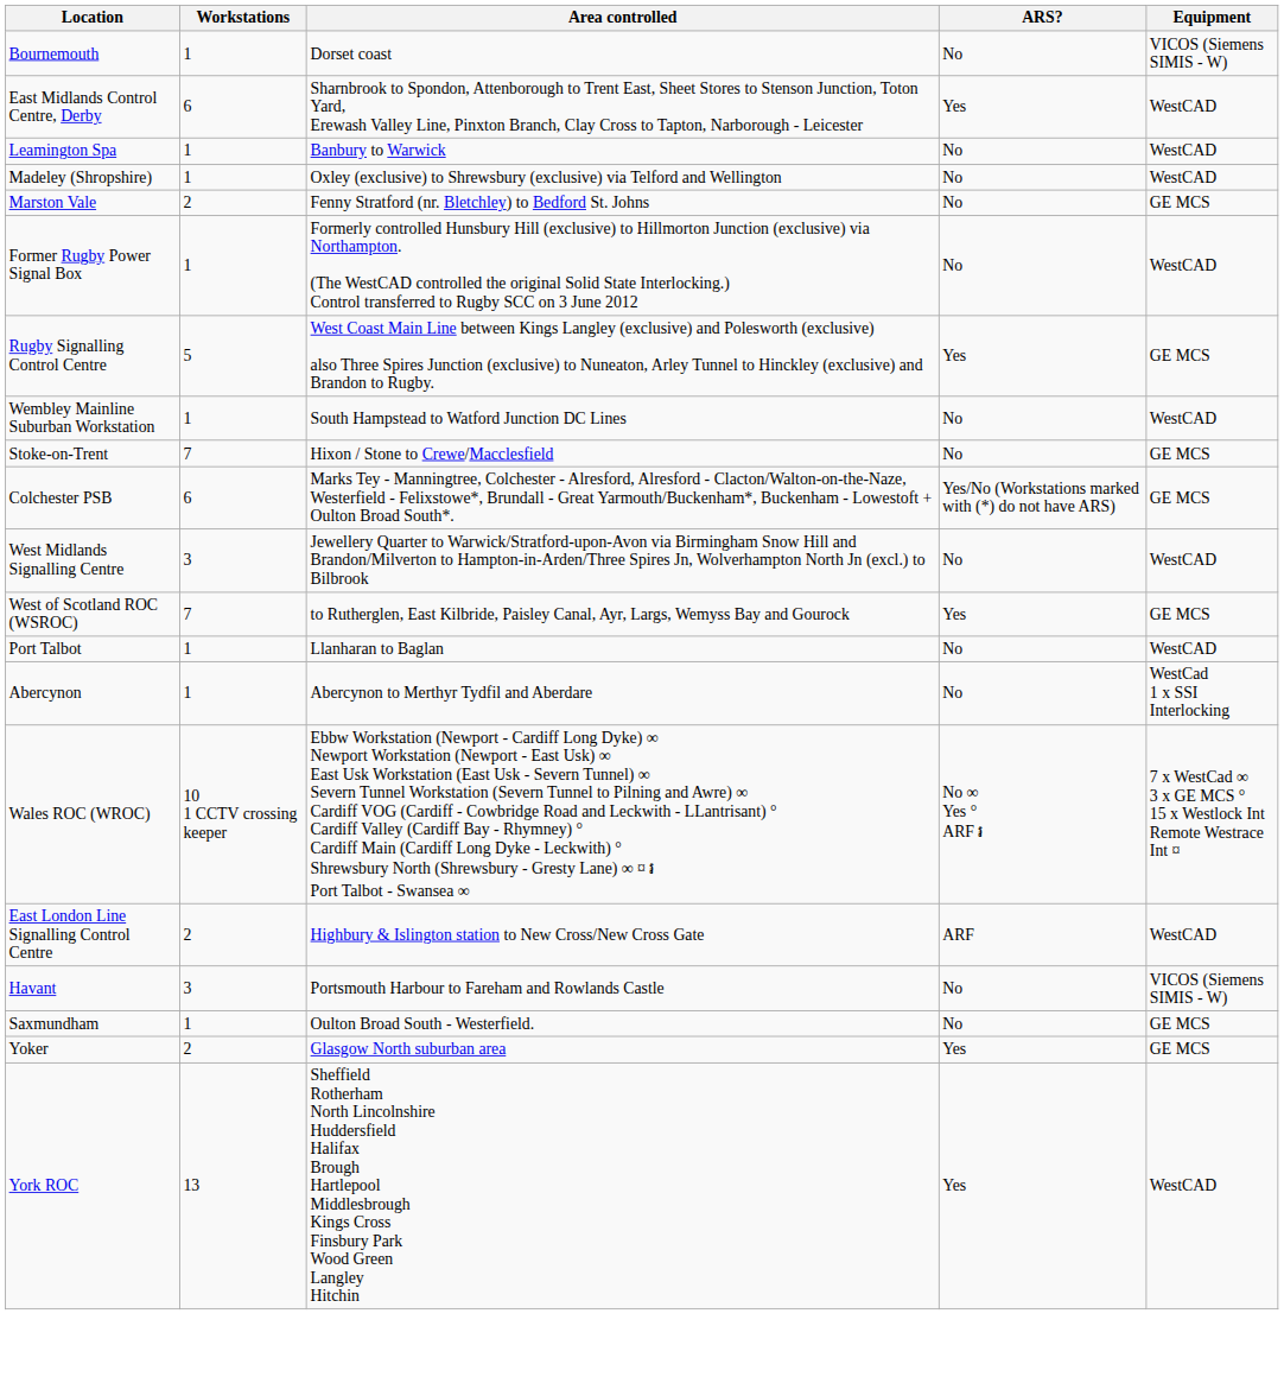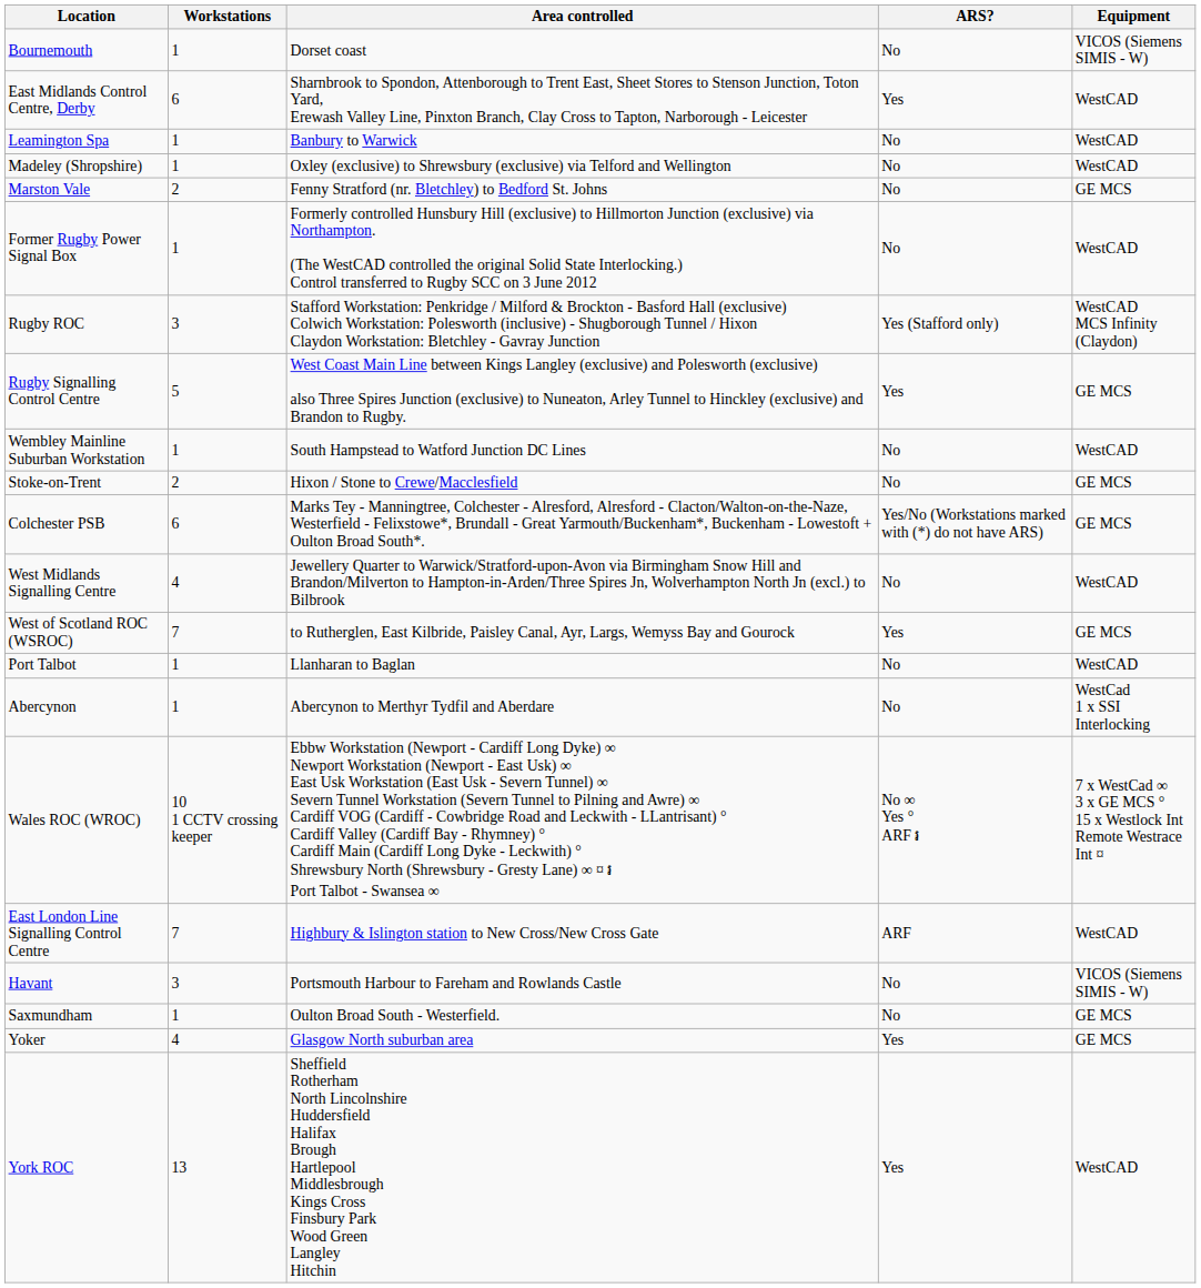 <table class="wikitable">
 <tr>
 <th>Location</th>
 <th>Workstations</th>
 <th>Area controlled</th>
 <th>ARS?</th>
 <th>Equipment</th>
 </tr>
 <tr>
 <td><a href='#'>Bournemouth</a></td>
 <td>1</td>
 <td>Dorset coast</td>
 <td>No</td>
 <td>VICOS (Siemens SIMIS - W)</td>
 </tr>
 <tr>
 <td>East Midlands Control Centre, <a href='#'>Derby</a></td>
 <td>6</td>
 <td>Sharnbrook to Spondon, Attenborough to Trent East, Sheet Stores to Stenson Junction, Toton Yard, <br>Erewash Valley Line, Pinxton Branch, Clay Cross to Tapton, Narborough - Leicester</td>
 <td>Yes</td>
 <td>WestCAD</td>
 </tr>
 <tr>
 <td><a href='#'>Leamington Spa</a></td>
 <td>1</td>
 <td><a href='#'>Banbury</a> to <a href='#'>Warwick</a></td>
 <td>No</td>
 <td>WestCAD</td>
 </tr>
 <tr>
 <td>Madeley (Shropshire)</td>
 <td>1</td>
 <td>Oxley (exclusive) to Shrewsbury (exclusive) via Telford and Wellington</td>
 <td>No</td>
 <td>WestCAD</td>
 </tr>
 <tr>
 <td><a href='#'>Marston Vale</a></td>
 <td>2</td>
 <td>Fenny Stratford (nr. <a href='#'>Bletchley</a>) to <a href='#'>Bedford</a> St. Johns</td>
 <td>No</td>
 <td>GE MCS</td>
 </tr>
 <tr>
 <td>Former <a href='#'>Rugby</a> Power Signal Box</td>
 <td>1</td>
 <td>Formerly controlled Hunsbury Hill (exclusive) to Hillmorton Junction (exclusive) via <a href='#'>Northampton</a>.<br><br>(The WestCAD controlled the original Solid State Interlocking.)<br> Control transferred to Rugby SCC on 3 June 2012</td>
 <td>No</td>
 <td>WestCAD</td>
 </tr>
 <tr>
+<td>Rugby ROC</td>
+<td>3</td>
+<td>Stafford Workstation: Penkridge / Milford & Brockton - Basford Hall (exclusive)<br>Colwich Workstation: Polesworth (inclusive) - Shugborough Tunnel / Hixon<br>Claydon Workstation: Bletchley - Gavray Junction</td>
+<td>Yes (Stafford only)</td>
+<td>WestCAD<br>MCS Infinity (Claydon)</td>
+</tr>
+<tr>
 <td><a href='#'>Rugby</a> Signalling Control Centre</td>
 <td>5</td>
 <td><a href='#'>West Coast Main Line</a> between Kings Langley (exclusive) and Polesworth (exclusive)<br><br>also Three Spires Junction (exclusive) to Nuneaton, Arley Tunnel to Hinckley (exclusive) and Brandon to Rugby.<br></td>
 <td>Yes</td>
 <td>GE MCS</td>
 </tr>
 <tr>
 <td>Wembley Mainline Suburban Workstation</td>
 <td>1</td>
 <td>South Hampstead to Watford Junction DC Lines</td>
 <td>No</td>
 <td>WestCAD</td>
 </tr>
 <tr>
 <td>Stoke-on-Trent</td>
-<td>7</td>
+<td>2</td>
 <td>Hixon / Stone to <a href='#'>Crewe</a>/<a href='#'>Macclesfield</a></td>
 <td>No</td>
 <td>GE MCS</td>
 </tr>
 <tr>
 <td>Colchester PSB</td>
 <td>6</td>
 <td>Marks Tey - Manningtree, Colchester - Alresford, Alresford - Clacton/Walton-on-the-Naze, Westerfield - Felixstowe*, Brundall - Great Yarmouth/Buckenham*,  Buckenham - Lowestoft + Oulton Broad South*.</td>
 <td>Yes/No (Workstations marked with (*) do not have ARS)</td>
 <td>GE MCS</td>
 </tr>
 <tr>
 <td>West Midlands Signalling Centre</td>
-<td>3</td>
+<td>4</td>
 <td>Jewellery Quarter to Warwick/Stratford-upon-Avon via Birmingham Snow Hill and Brandon/Milverton to Hampton-in-Arden/Three Spires Jn, Wolverhampton North Jn (excl.) to Bilbrook<br></td>
 <td>No</td>
 <td>WestCAD</td>
 </tr>
 <tr>
 <td>West of Scotland ROC (WSROC)</td>
 <td>7</td>
 <td> to Rutherglen, East Kilbride, Paisley Canal, Ayr, Largs, Wemyss Bay and Gourock</td>
 <td>Yes</td>
 <td>GE MCS</td>
 </tr>
 <tr>
 <td>Port Talbot</td>
 <td>1</td>
 <td>Llanharan to Baglan</td>
 <td>No</td>
 <td>WestCAD</td>
 </tr>
 <tr>
 <td>Abercynon</td>
 <td>1</td>
 <td>Abercynon to Merthyr Tydfil and Aberdare</td>
 <td>No</td>
 <td>WestCad<br>1 x SSI Interlocking</td>
 </tr>
 <tr>
 <td>Wales ROC (WROC)</td>
 <td>10 <br>1 CCTV crossing keeper</td>
 <td>Ebbw Workstation (Newport - Cardiff Long Dyke) ∞<br>Newport Workstation (Newport - East Usk) ∞<br>East Usk Workstation (East Usk - Severn Tunnel) ∞<br> Severn Tunnel Workstation (Severn Tunnel to Pilning and Awre) ∞<br>Cardiff VOG (Cardiff - Cowbridge Road and Leckwith - LLantrisant) ° <br>Cardiff Valley (Cardiff Bay - Rhymney) °<br>Cardiff Main (Cardiff Long Dyke - Leckwith) ° <br>Shrewsbury North (Shrewsbury - Gresty Lane) ∞ ¤ ៛ <br>Port Talbot - Swansea ∞</td>
 <td>No ∞<br>Yes °<br>ARF ៛</td>
 <td>7 x WestCad ∞<br>3 x GE MCS °<br>15 x Westlock Int<br>Remote Westrace Int ¤</td>
 </tr>
 <tr>
 <td><a href='#'>East London Line</a> Signalling Control Centre</td>
-<td>2</td>
+<td>7</td>
 <td><a href='#'>Highbury & Islington station</a> to New Cross/New Cross Gate</td>
 <td>ARF</td>
 <td>WestCAD</td>
 </tr>
 <tr>
 <td><a href='#'>Havant</a></td>
 <td>3</td>
 <td>Portsmouth Harbour to Fareham and Rowlands Castle</td>
 <td>No</td>
 <td>VICOS (Siemens SIMIS - W)</td>
 </tr>
 <tr>
 <td>Saxmundham</td>
 <td>1</td>
 <td>Oulton Broad South - Westerfield.</td>
 <td>No</td>
 <td>GE MCS</td>
 </tr>
 <tr>
 <td>Yoker</td>
-<td>2</td>
+<td>4</td>
 <td><a href='#'>Glasgow North suburban area</a></td>
 <td>Yes</td>
 <td>GE MCS</td>
 </tr>
 <tr>
 <td><a href='#'>York ROC</a></td>
 <td>13</td>
 <td>Sheffield<br>Rotherham<br>North Lincolnshire<br>Huddersfield<br>Halifax<br>Brough<br>Hartlepool<br>Middlesbrough<br>Kings Cross<br>Finsbury Park<br>Wood Green<br>Langley<br>Hitchin</td>
 <td>Yes</td>
 <td>WestCAD</td>
 </tr>
 </table>
